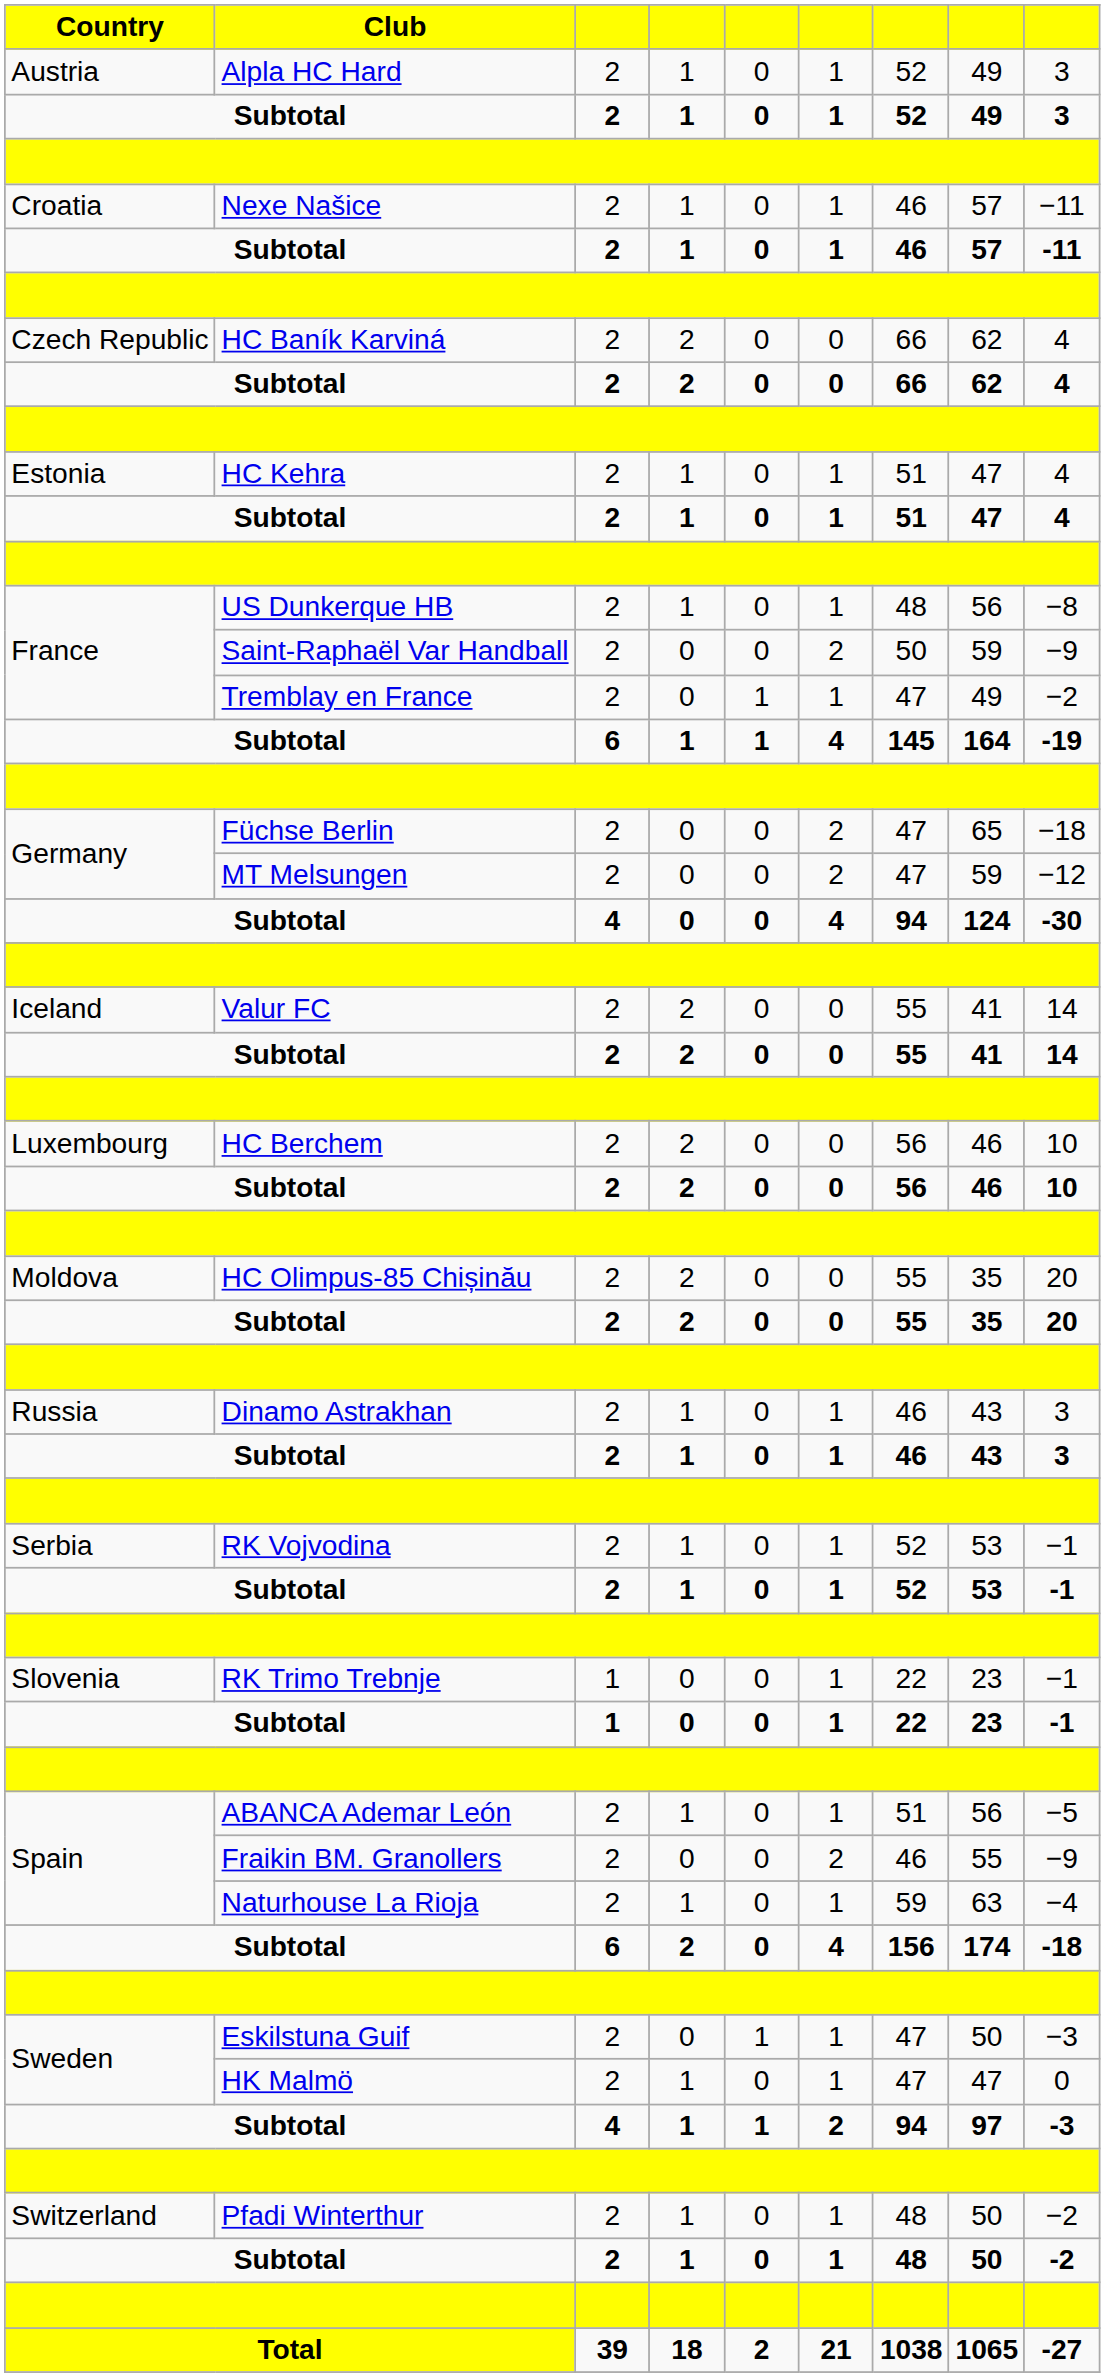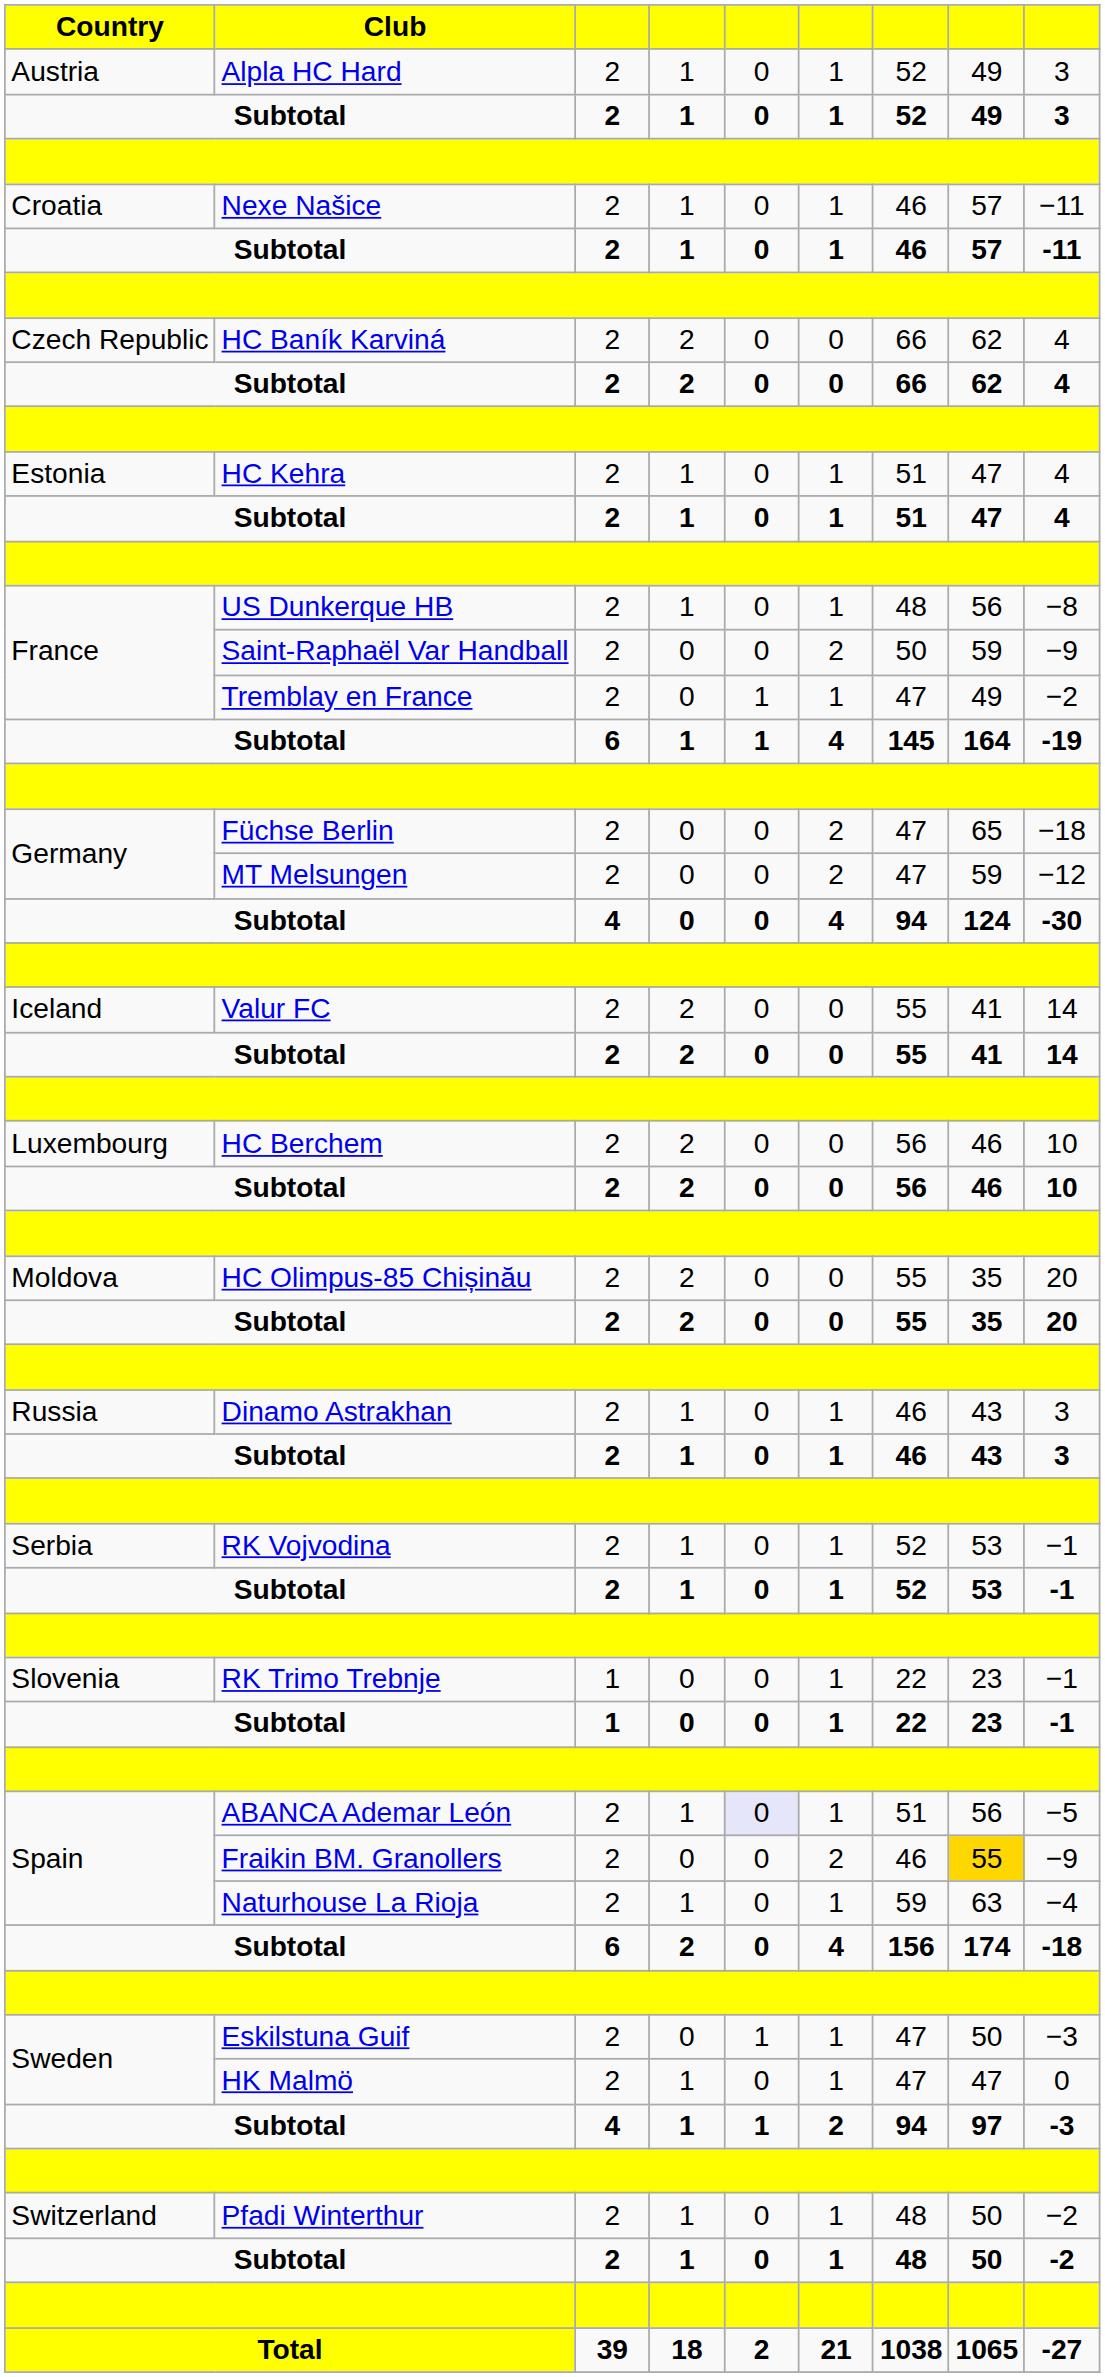 <table class="wikitable collapsible collapsed" style="text-align: center">
 <tr>
 <th scope="col" style="color:black; background:yellow">Country</th>
 <th scope="col" style="color:black; background:yellow">Club</th>
 <th scope="col" width="35" style="color:black; background:yellow"></th>
 <th scope="col" width="35" style="color:black; background:yellow"></th>
 <th scope="col" width="35" style="color:black; background:yellow"></th>
 <th scope="col" width="35" style="color:black; background:yellow"></th>
 <th scope="col" width="35" style="color:black; background:yellow"></th>
 <th scope="col" width="35" style="color:black; background:yellow"></th>
 <th scope="col" width="35" style="color:black; background:yellow"></th>
 </tr>
 <tr>
 <td align=left> Austria</td>
 <td align=left><a href='#'>Alpla HC Hard</a></td>
 <td>2</td>
 <td>1</td>
 <td>0</td>
 <td>1</td>
 <td>52</td>
 <td>49</td>
 <td>3</td>
 </tr>
 <tr>
 <td scope="col" colspan=2 align-"center"><strong>Subtotal</strong></td>
 <td><strong>2</strong></td>
 <td><strong>1</strong></td>
 <td><strong>0</strong></td>
 <td><strong>1</strong></td>
 <td><strong>52</strong></td>
 <td><strong>49</strong></td>
 <td><strong>3</strong></td>
 </tr>
 <tr>
 <th scope="col" colspan=9 height="18" style="background:yellow"></th>
 </tr>
 <tr>
 <td align=left> Croatia</td>
 <td align=left><a href='#'>Nexe Našice</a></td>
 <td>2</td>
 <td>1</td>
 <td>0</td>
 <td>1</td>
 <td>46</td>
 <td>57</td>
 <td>−11</td>
 </tr>
 <tr>
 <td scope="col" colspan=2 align-"center"><strong>Subtotal</strong></td>
 <td><strong>2</strong></td>
 <td><strong>1</strong></td>
 <td><strong>0</strong></td>
 <td><strong>1</strong></td>
 <td><strong>46</strong></td>
 <td><strong>57</strong></td>
 <td><strong>-11</strong></td>
 </tr>
 <tr>
 <th scope="col" colspan=9 height="18" style="background:yellow"></th>
 </tr>
 <tr>
 <td align=left> Czech Republic</td>
 <td align=left><a href='#'>HC Baník Karviná</a></td>
 <td>2</td>
 <td>2</td>
 <td>0</td>
 <td>0</td>
 <td>66</td>
 <td>62</td>
 <td>4</td>
 </tr>
 <tr>
 <td scope="col" colspan=2 align-"center"><strong>Subtotal</strong></td>
 <td><strong>2</strong></td>
 <td><strong>2</strong></td>
 <td><strong>0</strong></td>
 <td><strong>0</strong></td>
 <td><strong>66</strong></td>
 <td><strong>62</strong></td>
 <td><strong>4</strong></td>
 </tr>
 <tr>
 <th scope="col" colspan=9 height="18" style="background:yellow"></th>
 </tr>
 <tr>
 <td align=left> Estonia</td>
 <td align=left><a href='#'>HC Kehra</a></td>
 <td>2</td>
 <td>1</td>
 <td>0</td>
 <td>1</td>
 <td>51</td>
 <td>47</td>
 <td>4</td>
 </tr>
 <tr>
 <td scope="col" colspan=2 align-"center"><strong>Subtotal</strong></td>
 <td><strong>2</strong></td>
 <td><strong>1</strong></td>
 <td><strong>0</strong></td>
 <td><strong>1</strong></td>
 <td><strong>51</strong></td>
 <td><strong>47</strong></td>
 <td><strong>4</strong></td>
 </tr>
 <tr>
 <th scope="col" colspan=9 height="18" style="background:yellow"></th>
 </tr>
 <tr>
 <td rowspan=3 align=left> France</td>
 <td align=left><a href='#'>US Dunkerque HB</a></td>
 <td>2</td>
 <td>1</td>
 <td>0</td>
 <td>1</td>
 <td>48</td>
 <td>56</td>
 <td>−8</td>
 </tr>
 <tr>
 <td align=left><a href='#'>Saint-Raphaël Var Handball</a></td>
 <td>2</td>
 <td>0</td>
 <td>0</td>
 <td>2</td>
 <td>50</td>
 <td>59</td>
 <td>−9</td>
 </tr>
 <tr>
 <td align=left><a href='#'>Tremblay en France</a></td>
 <td>2</td>
 <td>0</td>
 <td>1</td>
 <td>1</td>
 <td>47</td>
 <td>49</td>
 <td>−2</td>
 </tr>
 <tr>
 <td scope="col" colspan=2 align-"center"><strong>Subtotal</strong></td>
 <td><strong>6</strong></td>
 <td><strong>1</strong></td>
 <td><strong>1</strong></td>
 <td><strong>4</strong></td>
 <td><strong>145</strong></td>
 <td><strong>164</strong></td>
 <td><strong>-19</strong></td>
 </tr>
 <tr>
 <th scope="col" colspan=9 height="18" style="background:yellow"></th>
 </tr>
 <tr>
 <td rowspan=2 align=left> Germany</td>
 <td align=left><a href='#'>Füchse Berlin</a></td>
 <td>2</td>
 <td>0</td>
 <td>0</td>
 <td>2</td>
 <td>47</td>
 <td>65</td>
 <td>−18</td>
 </tr>
 <tr>
 <td align=left><a href='#'>MT Melsungen</a></td>
 <td>2</td>
 <td>0</td>
 <td>0</td>
 <td>2</td>
 <td>47</td>
 <td>59</td>
 <td>−12</td>
 </tr>
 <tr>
 <td scope="col" colspan=2 align-"center"><strong>Subtotal</strong></td>
 <td><strong>4</strong></td>
 <td><strong>0</strong></td>
 <td><strong>0</strong></td>
 <td><strong>4</strong></td>
 <td><strong>94</strong></td>
 <td><strong>124</strong></td>
 <td><strong>-30</strong></td>
 </tr>
 <tr>
 <th scope="col" colspan=9 height="18" style="background:yellow"></th>
 </tr>
 <tr>
 <td align=left> Iceland</td>
 <td align=left><a href='#'>Valur FC</a></td>
 <td>2</td>
 <td>2</td>
 <td>0</td>
 <td>0</td>
 <td>55</td>
 <td>41</td>
 <td>14</td>
 </tr>
 <tr>
 <td scope="col" colspan=2 align-"center"><strong>Subtotal</strong></td>
 <td><strong>2</strong></td>
 <td><strong>2</strong></td>
 <td><strong>0</strong></td>
 <td><strong>0</strong></td>
 <td><strong>55</strong></td>
 <td><strong>41</strong></td>
 <td><strong>14</strong></td>
 </tr>
 <tr>
 <th scope="col" colspan=9 height="18" style="background:yellow"></th>
 </tr>
 <tr>
 <td align=left> Luxembourg</td>
 <td align=left><a href='#'>HC Berchem</a></td>
 <td>2</td>
 <td>2</td>
 <td>0</td>
 <td>0</td>
 <td>56</td>
 <td>46</td>
 <td>10</td>
 </tr>
 <tr>
 <td scope="col" colspan=2 align-"center"><strong>Subtotal</strong></td>
 <td><strong>2</strong></td>
 <td><strong>2</strong></td>
 <td><strong>0</strong></td>
 <td><strong>0</strong></td>
 <td><strong>56</strong></td>
 <td><strong>46</strong></td>
 <td><strong>10</strong></td>
 </tr>
 <tr>
 <th scope="col" colspan=9 height="18" style="background:yellow"></th>
 </tr>
 <tr>
 <td align=left> Moldova</td>
 <td align=left><a href='#'>HC Olimpus-85 Chișinău</a></td>
 <td>2</td>
 <td>2</td>
 <td>0</td>
 <td>0</td>
 <td>55</td>
 <td>35</td>
 <td>20</td>
 </tr>
 <tr>
 <td scope="col" colspan=2 align-"center"><strong>Subtotal</strong></td>
 <td><strong>2</strong></td>
 <td><strong>2</strong></td>
 <td><strong>0</strong></td>
 <td><strong>0</strong></td>
 <td><strong>55</strong></td>
 <td><strong>35</strong></td>
 <td><strong>20</strong></td>
 </tr>
 <tr>
 <th scope="col" colspan=9 height="18" style="background:yellow"></th>
 </tr>
 <tr>
 <td align=left> Russia</td>
 <td align=left><a href='#'>Dinamo Astrakhan</a></td>
 <td>2</td>
 <td>1</td>
 <td>0</td>
 <td>1</td>
 <td>46</td>
 <td>43</td>
 <td>3</td>
 </tr>
 <tr>
 <td scope="col" colspan=2 align-"center"><strong>Subtotal</strong></td>
 <td><strong>2</strong></td>
 <td><strong>1</strong></td>
 <td><strong>0</strong></td>
 <td><strong>1</strong></td>
 <td><strong>46</strong></td>
 <td><strong>43</strong></td>
 <td><strong>3</strong></td>
 </tr>
 <tr>
 <th scope="col" colspan=9 height="18" style="background:yellow"></th>
 </tr>
 <tr>
 <td align=left> Serbia</td>
 <td align=left><a href='#'>RK Vojvodina</a></td>
 <td>2</td>
 <td>1</td>
 <td>0</td>
 <td>1</td>
 <td>52</td>
 <td>53</td>
 <td>−1</td>
 </tr>
 <tr>
 <td scope="col" colspan=2 align-"center"><strong>Subtotal</strong></td>
 <td><strong>2</strong></td>
 <td><strong>1</strong></td>
 <td><strong>0</strong></td>
 <td><strong>1</strong></td>
 <td><strong>52</strong></td>
 <td><strong>53</strong></td>
 <td><strong>-1</strong></td>
 </tr>
 <tr>
 <th scope="col" colspan=9 height="18" style="background:yellow"></th>
 </tr>
 <tr>
 <td align=left> Slovenia</td>
 <td align=left><a href='#'>RK Trimo Trebnje</a></td>
 <td>1</td>
 <td>0</td>
 <td>0</td>
 <td>1</td>
 <td>22</td>
 <td>23</td>
 <td>−1</td>
 </tr>
 <tr>
 <td scope="col" colspan=2 align-"center"><strong>Subtotal</strong></td>
 <td><strong>1</strong></td>
 <td><strong>0</strong></td>
 <td><strong>0</strong></td>
 <td><strong>1</strong></td>
 <td><strong>22</strong></td>
 <td><strong>23</strong></td>
 <td><strong>-1</strong></td>
 </tr>
 <tr>
 <th scope="col" colspan=9 height="18" style="background:yellow"></th>
 </tr>
 <tr>
 <td rowspan=3 align=left> Spain</td>
 <td align=left><a href='#'>ABANCA Ademar León</a></td>
 <td>2</td>
 <td>1</td>
-<td>0</td>
+<td style="background: lavender;">0</td>
 <td>1</td>
 <td>51</td>
 <td>56</td>
 <td>−5</td>
 </tr>
 <tr>
 <td align=left><a href='#'>Fraikin BM. Granollers</a></td>
 <td>2</td>
 <td>0</td>
 <td>0</td>
 <td>2</td>
 <td>46</td>
-<td>55</td>
+<td style="background: gold;">55</td>
 <td>−9</td>
 </tr>
 <tr>
 <td align=left><a href='#'>Naturhouse La Rioja</a></td>
 <td>2</td>
 <td>1</td>
 <td>0</td>
 <td>1</td>
 <td>59</td>
 <td>63</td>
 <td>−4</td>
 </tr>
 <tr>
 <td scope="col" colspan=2 align-"center"><strong>Subtotal</strong></td>
 <td><strong>6</strong></td>
 <td><strong>2</strong></td>
 <td><strong>0</strong></td>
 <td><strong>4</strong></td>
 <td><strong>156</strong></td>
 <td><strong>174</strong></td>
 <td><strong>-18</strong></td>
 </tr>
 <tr>
 <th scope="col" colspan=9 height="18" style="background:yellow"></th>
 </tr>
 <tr>
 <td rowspan=2 align=left> Sweden</td>
 <td align=left><a href='#'>Eskilstuna Guif</a></td>
 <td>2</td>
 <td>0</td>
 <td>1</td>
 <td>1</td>
 <td>47</td>
 <td>50</td>
 <td>−3</td>
 </tr>
 <tr>
 <td align=left><a href='#'>HK Malmö</a></td>
 <td>2</td>
 <td>1</td>
 <td>0</td>
 <td>1</td>
 <td>47</td>
 <td>47</td>
 <td>0</td>
 </tr>
 <tr>
 <td scope="col" colspan=2 align-"center"><strong>Subtotal</strong></td>
 <td><strong>4</strong></td>
 <td><strong>1</strong></td>
 <td><strong>1</strong></td>
 <td><strong>2</strong></td>
 <td><strong>94</strong></td>
 <td><strong>97</strong></td>
 <td><strong>-3</strong></td>
 </tr>
 <tr>
 <th scope="col" colspan=9 height="18" style="background:yellow"></th>
 </tr>
 <tr>
 <td align=left> Switzerland</td>
 <td align=left><a href='#'>Pfadi Winterthur</a></td>
 <td>2</td>
 <td>1</td>
 <td>0</td>
 <td>1</td>
 <td>48</td>
 <td>50</td>
 <td>−2</td>
 </tr>
 <tr>
 <td scope="col" colspan=2 align-"center"><strong>Subtotal</strong></td>
 <td><strong>2</strong></td>
 <td><strong>1</strong></td>
 <td><strong>0</strong></td>
 <td><strong>1</strong></td>
 <td><strong>48</strong></td>
 <td><strong>50</strong></td>
 <td><strong>-2</strong></td>
 </tr>
 <tr>
 <th scope="col" colspan=2 height="18" style="color:black; background:yellow"></th>
 <th scope="col" width="35" style="color:black; background:yellow"></th>
 <th scope="col" width="35" style="color:black; background:yellow"></th>
 <th scope="col" width="35" style="color:black; background:yellow"></th>
 <th scope="col" width="35" style="color:black; background:yellow"></th>
 <th scope="col" width="35" style="color:black; background:yellow"></th>
 <th scope="col" width="35" style="color:black; background:yellow"></th>
 <th scope="col" width="35" style="color:black; background:yellow"></th>
 </tr>
 <tr>
 <td colspan=2 align-"center" style="color:black; background:yellow"><strong>Total</strong></td>
 <td><strong>39</strong></td>
 <td><strong>18</strong></td>
 <td><strong>2</strong></td>
 <td><strong>21</strong></td>
 <td><strong>1038</strong></td>
 <td><strong>1065</strong></td>
 <td><strong>-27</strong></td>
 </tr>
 </table>
